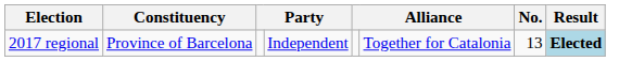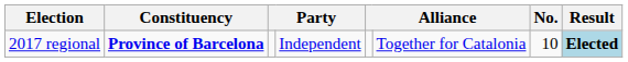 <table class="wikitable" style="text-align:left;">
 <tr>
 <th scope=col>Election</th>
 <th scope=col>Constituency</th>
 <th scope=col colspan="2">Party</th>
 <th scope=col colspan="2">Alliance</th>
 <th scope=col>No.</th>
 <th scope=col>Result</th>
 </tr>
 <tr>
 <td><a href='#'>2017 regional</a></td>
-<td><a href='#'>Province of Barcelona</a></td>
+<td><strong><a href='#'>Province of Barcelona</a></strong></td>
 <td style="background:"></td>
 <td><a href='#'>Independent</a></td>
 <td style="background:"></td>
 <td><a href='#'>Together for Catalonia</a></td>
-<td align=right>13</td>
+<td align=right>10</td>
 <td style="background: lightblue;"><strong>Elected</strong></td>
 </tr>
 </table>
